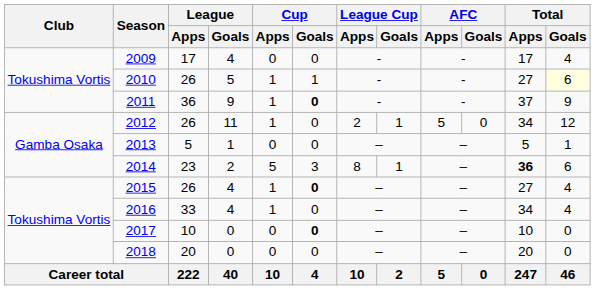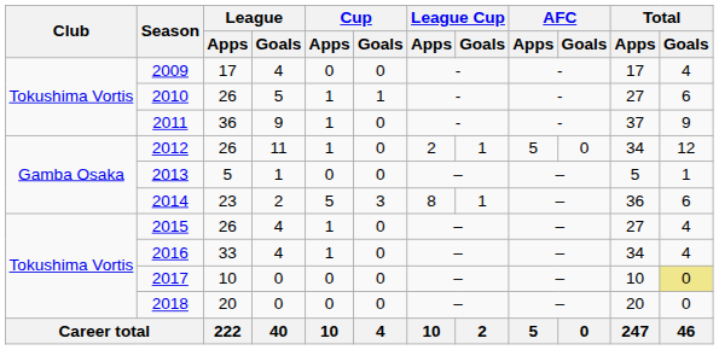 <table class="wikitable" style="text-align:center;">
 <tr>
 <th rowspan="2">Club</th>
 <th rowspan="2">Season</th>
 <th colspan="2">League</th>
 <th colspan="2"><a href='#'>Cup</a></th>
 <th colspan="2"><a href='#'>League Cup</a></th>
 <th colspan="2"><a href='#'>AFC</a></th>
 <th colspan="2">Total</th>
 </tr>
 <tr>
 <th>Apps</th>
 <th>Goals</th>
 <th>Apps</th>
 <th>Goals</th>
 <th>Apps</th>
 <th>Goals</th>
 <th>Apps</th>
 <th>Goals</th>
 <th>Apps</th>
 <th>Goals</th>
 </tr>
 <tr>
 <td rowspan="3"><a href='#'>Tokushima Vortis</a></td>
 <td><a href='#'>2009</a></td>
 <td>17</td>
 <td>4</td>
 <td>0</td>
 <td>0</td>
 <td colspan="2">-</td>
 <td colspan="2">-</td>
 <td>17</td>
 <td>4</td>
 </tr>
 <tr>
 <td><a href='#'>2010</a></td>
 <td>26</td>
 <td>5</td>
 <td>1</td>
 <td>1</td>
 <td colspan="2">-</td>
 <td colspan="2">-</td>
 <td>27</td>
-<td style="background: lightyellow;">6</td>
+<td>6</td>
 </tr>
 <tr>
 <td><a href='#'>2011</a></td>
 <td>36</td>
 <td>9</td>
 <td>1</td>
-<td><strong>0</strong></td>
+<td>0</td>
 <td colspan="2">-</td>
 <td colspan="2">-</td>
 <td>37</td>
 <td>9</td>
 </tr>
 <tr>
 <td rowspan="3"><a href='#'>Gamba Osaka</a></td>
 <td><a href='#'>2012</a></td>
 <td>26</td>
 <td>11</td>
 <td>1</td>
 <td>0</td>
 <td>2</td>
 <td>1</td>
 <td>5</td>
 <td>0</td>
 <td>34</td>
 <td>12</td>
 </tr>
 <tr>
 <td><a href='#'>2013</a></td>
 <td>5</td>
 <td>1</td>
 <td>0</td>
 <td>0</td>
 <td colspan="2">–</td>
 <td colspan="2">–</td>
 <td>5</td>
 <td>1</td>
 </tr>
 <tr>
 <td><a href='#'>2014</a></td>
 <td>23</td>
 <td>2</td>
 <td>5</td>
 <td>3</td>
 <td>8</td>
 <td>1</td>
 <td colspan="2">–</td>
-<td><strong>36</strong></td>
+<td>36</td>
 <td>6</td>
 </tr>
 <tr>
 <td rowspan="4"><a href='#'>Tokushima Vortis</a></td>
 <td><a href='#'>2015</a></td>
 <td>26</td>
 <td>4</td>
 <td>1</td>
-<td><strong>0</strong></td>
+<td>0</td>
 <td colspan="2">–</td>
 <td colspan="2">–</td>
 <td>27</td>
 <td>4</td>
 </tr>
 <tr>
 <td><a href='#'>2016</a></td>
 <td>33</td>
 <td>4</td>
 <td>1</td>
 <td>0</td>
 <td colspan="2">–</td>
 <td colspan="2">–</td>
 <td>34</td>
 <td>4</td>
 </tr>
 <tr>
 <td><a href='#'>2017</a></td>
 <td>10</td>
 <td>0</td>
 <td>0</td>
-<td><strong>0</strong></td>
+<td>0</td>
 <td colspan="2">–</td>
 <td colspan="2">–</td>
 <td>10</td>
-<td>0</td>
+<td style="background: khaki;">0</td>
 </tr>
 <tr>
 <td><a href='#'>2018</a></td>
 <td>20</td>
 <td>0</td>
 <td>0</td>
 <td>0</td>
 <td colspan="2">–</td>
 <td colspan="2">–</td>
 <td>20</td>
 <td>0</td>
 </tr>
 <tr>
 <th colspan="2">Career total</th>
 <th>222</th>
 <th>40</th>
 <th>10</th>
 <th>4</th>
 <th>10</th>
 <th>2</th>
 <th>5</th>
 <th>0</th>
 <th>247</th>
 <th>46</th>
 </tr>
 </table>
